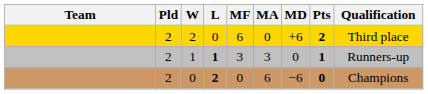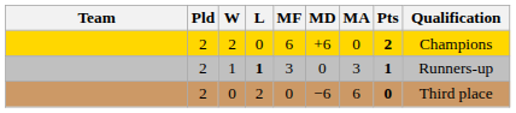 <table class="wikitable" style="text-align:center">
 <tr>
 <th width="175">Team</th>
 <th width="20">Pld</th>
 <th width="20">W</th>
 <th width="20">L</th>
 <th width="20">MF</th>
+<th width="20">MD</th>
 <th width="20">MA</th>
-<th width="20">MD</th>
 <th width="20">Pts</th>
 <th width="100">Qualification</th>
 </tr>
 <tr bgcolor="gold">
 <td align="left"></td>
 <td>2</td>
 <td>2</td>
 <td>0</td>
 <td>6</td>
+<td>+6</td>
 <td>0</td>
-<td>+6</td>
 <td><strong>2</strong></td>
-<td>Third place</td>
+<td>Champions</td>
 </tr>
 <tr bgcolor="silver">
 <td align="left"></td>
 <td>2</td>
 <td>1</td>
 <td><strong>1</strong></td>
 <td>3</td>
+<td>0</td>
 <td>3</td>
-<td>0</td>
 <td><strong>1</strong></td>
 <td>Runners-up</td>
 </tr>
 <tr bgcolor="cc9966">
 <td align="left"></td>
 <td>2</td>
 <td>0</td>
-<td><strong>2</strong></td>
+<td>2</td>
 <td>0</td>
+<td>−6</td>
 <td>6</td>
-<td>−6</td>
 <td><strong>0</strong></td>
-<td>Champions</td>
+<td>Third place</td>
 </tr>
 </table>
